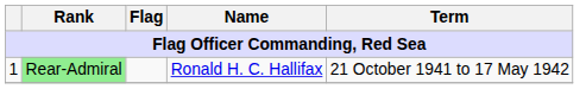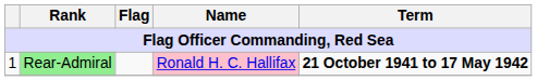 <table class="wikitable">
 <tr>
 <th></th>
 <th>Rank</th>
 <th>Flag</th>
 <th>Name</th>
 <th>Term</th>
 </tr>
 <tr>
 <td colspan="5" align="center" style="background:#dcdcfe;"><strong>Flag Officer Commanding, Red Sea</strong></td>
 </tr>
 <tr>
 <td>1</td>
 <td style="background: lightgreen;">Rear-Admiral</td>
 <td></td>
-<td><a href='#'>Ronald H. C. Hallifax</a></td>
-<td>21 October 1941 to 17 May 1942 </td>
+<td style="background: pink;"><a href='#'>Ronald H. C. Hallifax</a></td>
+<td><strong>21 October 1941 to 17 May 1942 </strong></td>
 </tr>
 <tr>
 </tr>
 </table>
